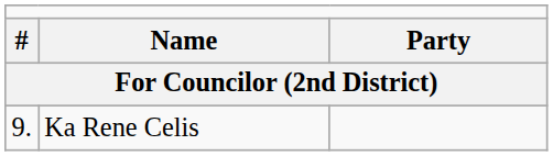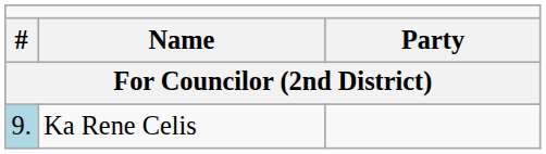 <table class=wikitable style="font-size:90%">
 <tr>
 <td colspan=5 bgcolor=></td>
 </tr>
 <tr>
 <th>#</th>
 <th width=150px>Name</th>
 <th colspan=2 width=110px>Party</th>
 </tr>
 <tr>
 <th colspan=5>For Councilor (2nd District)</th>
 </tr>
 <tr>
-<td>9.</td>
+<td style="background: lightblue;">9.</td>
 <td>Ka Rene Celis</td>
 <td></td>
 </tr>
 </table>
